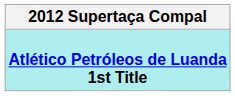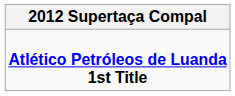 <table class=wikitable style="text-align:center; margin:auto">
 <tr>
 <th>2012 Supertaça Compal</th>
 </tr>
 <tr>
-<td style="background: paleturquoise;"><br><strong><a href='#'>Atlético Petróleos de Luanda</a></strong><br><strong>1st Title</strong></td>
+<td><br><strong><a href='#'>Atlético Petróleos de Luanda</a></strong><br><strong>1st Title</strong></td>
 </tr>
 </table>
